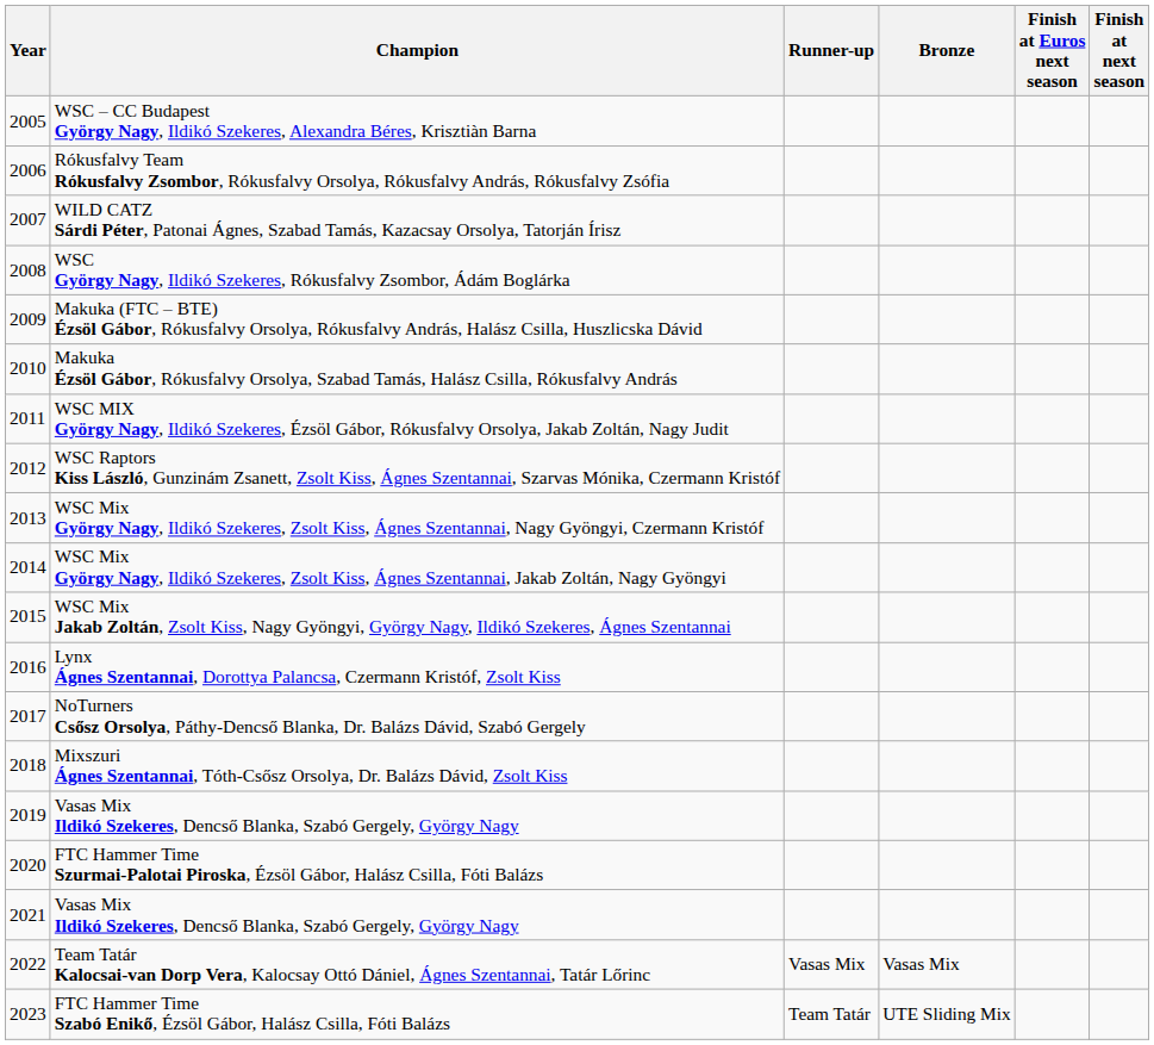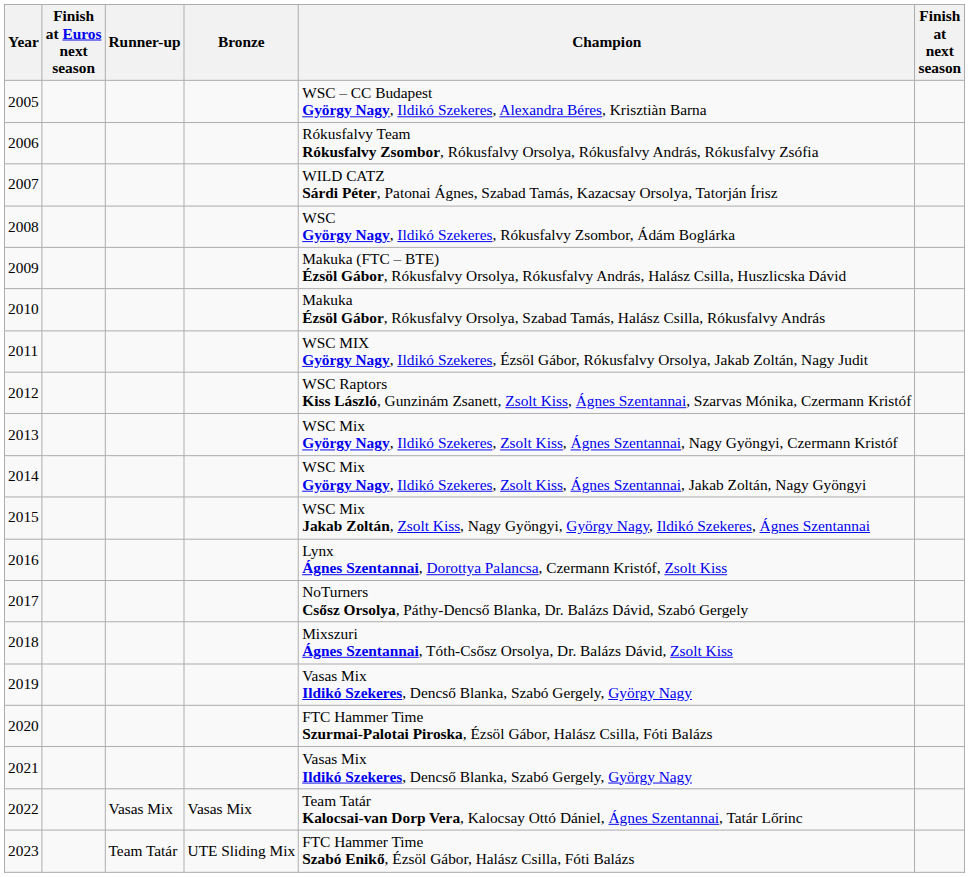 <table class="wikitable" border="1">
 <tr>
 <th>Year</th>
-<th>Champion</th>
+<th>Finish<br>at <a href='#'>Euros</a><br>next<br>season</th>
 <th>Runner-up</th>
 <th>Bronze</th>
-<th>Finish<br>at <a href='#'>Euros</a><br>next<br>season</th>
+<th>Champion</th>
 <th>Finish<br>at <br>next<br>season</th>
 </tr>
 <tr>
 <td>2005</td>
-<td>WSC – CC Budapest<br><strong><a href='#'>György Nagy</a></strong>, <a href='#'>Ildikó Szekeres</a>, <a href='#'>Alexandra Béres</a>, Krisztiàn Barna</td>
 <td></td>
 <td></td>
 <td></td>
+<td>WSC – CC Budapest<br><strong><a href='#'>György Nagy</a></strong>, <a href='#'>Ildikó Szekeres</a>, <a href='#'>Alexandra Béres</a>, Krisztiàn Barna</td>
 <td></td>
 </tr>
 <tr>
 <td>2006</td>
-<td>Rókusfalvy Team<br><strong>Rókusfalvy Zsombor</strong>, Rókusfalvy Orsolya, Rókusfalvy András, Rókusfalvy Zsófia</td>
 <td></td>
 <td></td>
 <td></td>
+<td>Rókusfalvy Team<br><strong>Rókusfalvy Zsombor</strong>, Rókusfalvy Orsolya, Rókusfalvy András, Rókusfalvy Zsófia</td>
 <td></td>
 </tr>
 <tr>
 <td>2007</td>
-<td>WILD CATZ<br><strong>Sárdi Péter</strong>, Patonai Ágnes, Szabad Tamás, Kazacsay Orsolya, Tatorján Írisz</td>
 <td></td>
 <td></td>
 <td></td>
+<td>WILD CATZ<br><strong>Sárdi Péter</strong>, Patonai Ágnes, Szabad Tamás, Kazacsay Orsolya, Tatorján Írisz</td>
 <td></td>
 </tr>
 <tr>
 <td>2008</td>
-<td>WSC<br><strong><a href='#'>György Nagy</a></strong>, <a href='#'>Ildikó Szekeres</a>, Rókusfalvy Zsombor, Ádám Boglárka</td>
 <td></td>
 <td></td>
 <td></td>
+<td>WSC<br><strong><a href='#'>György Nagy</a></strong>, <a href='#'>Ildikó Szekeres</a>, Rókusfalvy Zsombor, Ádám Boglárka</td>
 <td></td>
 </tr>
 <tr>
 <td>2009</td>
-<td>Makuka (FTC – BTE)<br><strong>Ézsöl Gábor</strong>, Rókusfalvy Orsolya, Rókusfalvy András, Halász Csilla, Huszlicska Dávid</td>
 <td></td>
 <td></td>
 <td></td>
+<td>Makuka (FTC – BTE)<br><strong>Ézsöl Gábor</strong>, Rókusfalvy Orsolya, Rókusfalvy András, Halász Csilla, Huszlicska Dávid</td>
 <td></td>
 </tr>
 <tr>
 <td>2010</td>
-<td>Makuka<br><strong>Ézsöl Gábor</strong>, Rókusfalvy Orsolya, Szabad Tamás, Halász Csilla, Rókusfalvy András</td>
 <td></td>
 <td></td>
 <td></td>
+<td>Makuka<br><strong>Ézsöl Gábor</strong>, Rókusfalvy Orsolya, Szabad Tamás, Halász Csilla, Rókusfalvy András</td>
 <td></td>
 </tr>
 <tr>
 <td>2011</td>
-<td>WSC MIX<br><strong><a href='#'>György Nagy</a></strong>, <a href='#'>Ildikó Szekeres</a>, Ézsöl Gábor, Rókusfalvy Orsolya, Jakab Zoltán, Nagy Judit</td>
 <td></td>
 <td></td>
 <td></td>
+<td>WSC MIX<br><strong><a href='#'>György Nagy</a></strong>, <a href='#'>Ildikó Szekeres</a>, Ézsöl Gábor, Rókusfalvy Orsolya, Jakab Zoltán, Nagy Judit</td>
 <td></td>
 </tr>
 <tr>
 <td>2012</td>
-<td>WSC Raptors<br><strong>Kiss László</strong>, Gunzinám Zsanett, <a href='#'>Zsolt Kiss</a>, <a href='#'>Ágnes Szentannai</a>, Szarvas Mónika, Czermann Kristóf</td>
 <td></td>
 <td></td>
 <td></td>
+<td>WSC Raptors<br><strong>Kiss László</strong>, Gunzinám Zsanett, <a href='#'>Zsolt Kiss</a>, <a href='#'>Ágnes Szentannai</a>, Szarvas Mónika, Czermann Kristóf</td>
 <td></td>
 </tr>
 <tr>
 <td>2013</td>
-<td>WSC Mix<br><strong><a href='#'>György Nagy</a></strong>, <a href='#'>Ildikó Szekeres</a>, <a href='#'>Zsolt Kiss</a>, <a href='#'>Ágnes Szentannai</a>, Nagy Gyöngyi, Czermann Kristóf</td>
 <td></td>
 <td></td>
 <td></td>
+<td>WSC Mix<br><strong><a href='#'>György Nagy</a></strong>, <a href='#'>Ildikó Szekeres</a>, <a href='#'>Zsolt Kiss</a>, <a href='#'>Ágnes Szentannai</a>, Nagy Gyöngyi, Czermann Kristóf</td>
 <td></td>
 </tr>
 <tr>
 <td>2014</td>
-<td>WSC Mix<br><strong><a href='#'>György Nagy</a></strong>, <a href='#'>Ildikó Szekeres</a>, <a href='#'>Zsolt Kiss</a>, <a href='#'>Ágnes Szentannai</a>, Jakab Zoltán, Nagy Gyöngyi</td>
 <td></td>
 <td></td>
 <td></td>
+<td>WSC Mix<br><strong><a href='#'>György Nagy</a></strong>, <a href='#'>Ildikó Szekeres</a>, <a href='#'>Zsolt Kiss</a>, <a href='#'>Ágnes Szentannai</a>, Jakab Zoltán, Nagy Gyöngyi</td>
 <td></td>
 </tr>
 <tr>
 <td>2015</td>
-<td>WSC Mix<br><strong>Jakab Zoltán</strong>, <a href='#'>Zsolt Kiss</a>, Nagy Gyöngyi, <a href='#'>György Nagy</a>, <a href='#'>Ildikó Szekeres</a>, <a href='#'>Ágnes Szentannai</a></td>
 <td></td>
 <td></td>
 <td></td>
+<td>WSC Mix<br><strong>Jakab Zoltán</strong>, <a href='#'>Zsolt Kiss</a>, Nagy Gyöngyi, <a href='#'>György Nagy</a>, <a href='#'>Ildikó Szekeres</a>, <a href='#'>Ágnes Szentannai</a></td>
 <td></td>
 </tr>
 <tr>
 <td>2016</td>
-<td>Lynx<br><strong><a href='#'>Ágnes Szentannai</a></strong>, <a href='#'>Dorottya Palancsa</a>, Czermann Kristóf, <a href='#'>Zsolt Kiss</a></td>
 <td></td>
 <td></td>
 <td></td>
+<td>Lynx<br><strong><a href='#'>Ágnes Szentannai</a></strong>, <a href='#'>Dorottya Palancsa</a>, Czermann Kristóf, <a href='#'>Zsolt Kiss</a></td>
 <td></td>
 </tr>
 <tr>
 <td>2017</td>
-<td>NoTurners<br><strong>Csősz Orsolya</strong>, Páthy-Dencső Blanka, Dr. Balázs Dávid, Szabó Gergely</td>
 <td></td>
 <td></td>
 <td></td>
+<td>NoTurners<br><strong>Csősz Orsolya</strong>, Páthy-Dencső Blanka, Dr. Balázs Dávid, Szabó Gergely</td>
 <td></td>
 </tr>
 <tr>
 <td>2018</td>
-<td>Mixszuri<br><strong><a href='#'>Ágnes Szentannai</a></strong>, Tóth-Csősz Orsolya, Dr. Balázs Dávid, <a href='#'>Zsolt Kiss</a></td>
 <td></td>
 <td></td>
 <td></td>
+<td>Mixszuri<br><strong><a href='#'>Ágnes Szentannai</a></strong>, Tóth-Csősz Orsolya, Dr. Balázs Dávid, <a href='#'>Zsolt Kiss</a></td>
 <td></td>
 </tr>
 <tr>
 <td>2019</td>
-<td>Vasas Mix<br><strong><a href='#'>Ildikó Szekeres</a></strong>, Dencső Blanka, Szabó Gergely, <a href='#'>György Nagy</a></td>
 <td></td>
 <td></td>
 <td></td>
+<td>Vasas Mix<br><strong><a href='#'>Ildikó Szekeres</a></strong>, Dencső Blanka, Szabó Gergely, <a href='#'>György Nagy</a></td>
 <td></td>
 </tr>
 <tr>
 <td>2020</td>
-<td>FTC Hammer Time<br><strong>Szurmai-Palotai Piroska</strong>, Ézsöl Gábor, Halász Csilla, Fóti Balázs</td>
 <td></td>
 <td></td>
 <td></td>
+<td>FTC Hammer Time<br><strong>Szurmai-Palotai Piroska</strong>, Ézsöl Gábor, Halász Csilla, Fóti Balázs</td>
 <td></td>
 </tr>
 <tr>
 <td>2021</td>
-<td>Vasas Mix<br><strong><a href='#'>Ildikó Szekeres</a></strong>, Dencső Blanka, Szabó Gergely, <a href='#'>György Nagy</a></td>
 <td></td>
 <td></td>
 <td></td>
+<td>Vasas Mix<br><strong><a href='#'>Ildikó Szekeres</a></strong>, Dencső Blanka, Szabó Gergely, <a href='#'>György Nagy</a></td>
 <td></td>
 </tr>
 <tr>
 <td>2022</td>
-<td>Team Tatár<br><strong>Kalocsai-van Dorp Vera</strong>, Kalocsay Ottó Dániel, <a href='#'>Ágnes Szentannai</a>, Tatár Lőrinc</td>
+<td></td>
 <td>Vasas Mix</td>
 <td>Vasas Mix</td>
-<td></td>
+<td>Team Tatár<br><strong>Kalocsai-van Dorp Vera</strong>, Kalocsay Ottó Dániel, <a href='#'>Ágnes Szentannai</a>, Tatár Lőrinc</td>
 <td></td>
 </tr>
 <tr>
 <td>2023</td>
-<td>FTC Hammer Time<br><strong>Szabó Enikő</strong>, Ézsöl Gábor, Halász Csilla, Fóti Balázs</td>
+<td></td>
 <td>Team Tatár</td>
 <td>UTE Sliding Mix</td>
-<td></td>
+<td>FTC Hammer Time<br><strong>Szabó Enikő</strong>, Ézsöl Gábor, Halász Csilla, Fóti Balázs</td>
 <td></td>
 </tr>
 </table>
